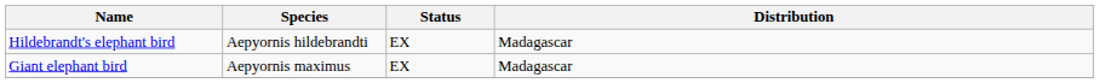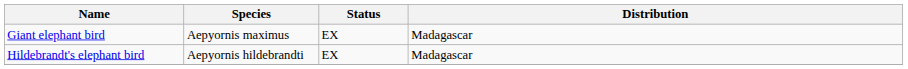 <table class="wikitable" style="width:90%">
 <tr>
 <th style="width:20%">Name</th>
 <th style="width:15%">Species</th>
 <th style="width:10%">Status</th>
 <th>Distribution</th>
 </tr>
 <tr>
+<td><a href='#'>Giant elephant bird</a></td>
+<td>Aepyornis maximus</td>
+<td>EX</td>
+<td>Madagascar</td>
+</tr>
+<tr>
 <td><a href='#'>Hildebrandt's elephant bird</a></td>
 <td>Aepyornis hildebrandti</td>
 <td>EX</td>
 <td>Madagascar</td>
 </tr>
 <tr>
-<td><a href='#'>Giant elephant bird</a></td>
-<td>Aepyornis maximus</td>
-<td>EX</td>
-<td>Madagascar</td>
-</tr>
-<tr>
 </tr>
 </table>
